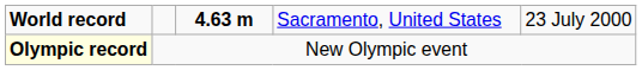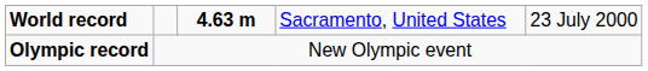 <table class="wikitable">
 <tr>
 <td><strong>World record</strong></td>
 <td style="padding-right:1em"></td>
 <td style="text-align:center;padding-left:1em; padding-right:1em;"><strong>4.63 m</strong></td>
 <td style="padding-right:1em"><a href='#'>Sacramento</a>, <a href='#'>United States</a></td>
 <td>23 July 2000</td>
 </tr>
 <tr>
-<td style="background: lightyellow;"><strong>Olympic record</strong></td>
+<td><strong>Olympic record</strong></td>
 <td style="padding-right:1em" align=center colspan=4>New Olympic event</td>
 </tr>
 </table>
